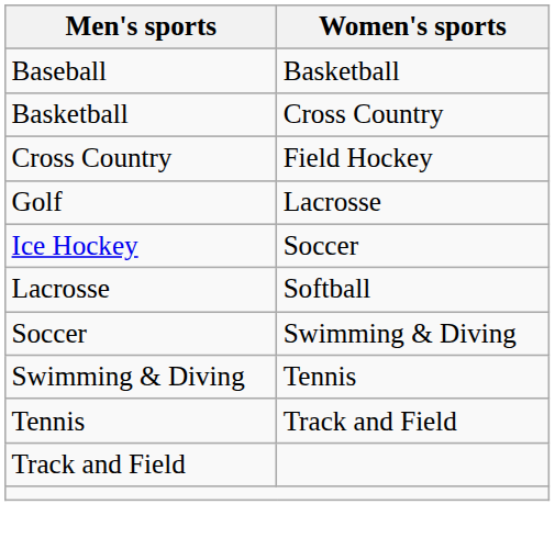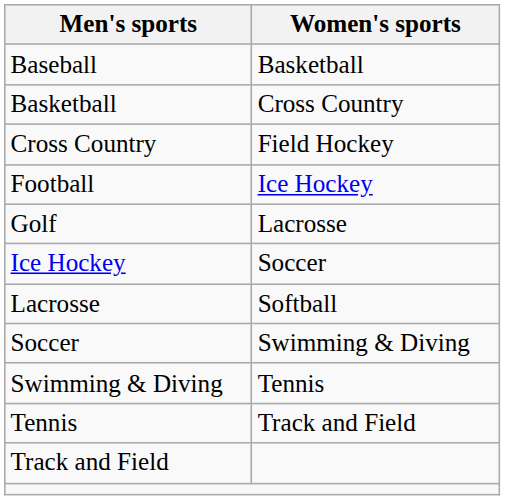 <table class="wikitable"; style= "text-align: ">
 <tr>
 <th width=150px>Men's sports</th>
 <th width=150px>Women's sports</th>
 </tr>
 <tr>
 <td>Baseball</td>
 <td>Basketball</td>
 </tr>
 <tr>
 <td>Basketball</td>
 <td>Cross Country</td>
 </tr>
 <tr>
 <td>Cross Country</td>
 <td>Field Hockey</td>
+</tr>
+<tr>
+<td>Football</td>
+<td><a href='#'>Ice Hockey</a></td>
 </tr>
 <tr>
 <td>Golf</td>
 <td>Lacrosse</td>
 </tr>
 <tr>
 <td><a href='#'>Ice Hockey</a></td>
 <td>Soccer</td>
 </tr>
 <tr>
 <td>Lacrosse</td>
 <td>Softball</td>
 </tr>
 <tr>
 <td>Soccer</td>
 <td>Swimming & Diving</td>
 </tr>
 <tr>
 <td>Swimming & Diving</td>
 <td>Tennis</td>
 </tr>
 <tr>
 <td>Tennis</td>
 <td>Track and Field</td>
 </tr>
 <tr>
 <td>Track and Field</td>
 </tr>
 <tr>
 <td colspan="2"></td>
 </tr>
 </table>
